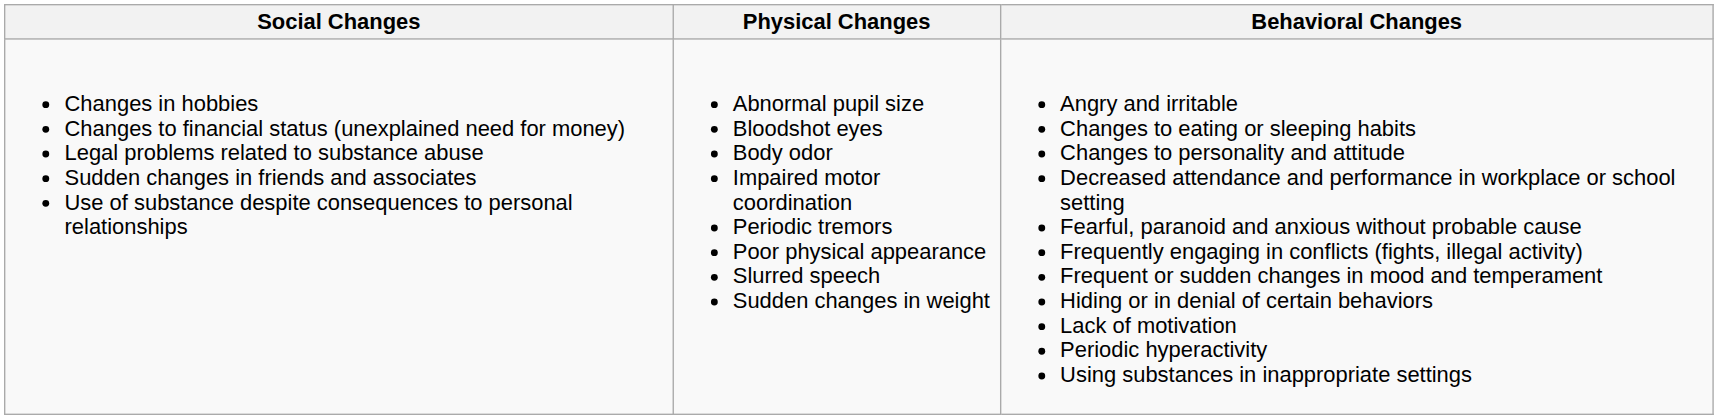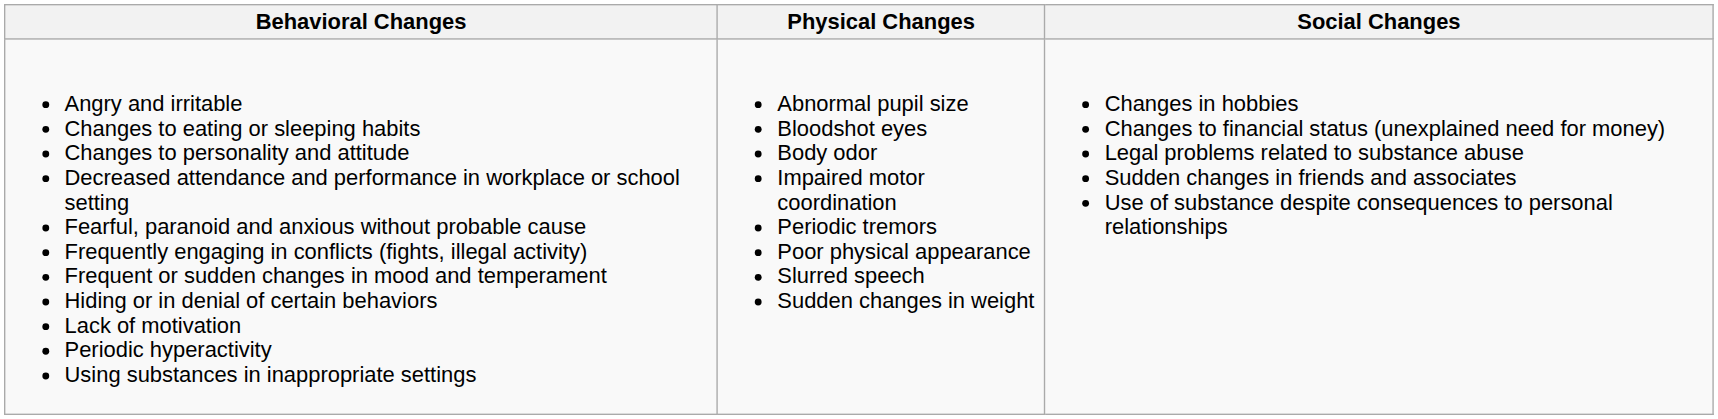 <table class="wikitable">
 <tr>
+<th>Behavioral Changes</th>
+<th>Physical Changes</th>
 <th>Social Changes</th>
-<th>Physical Changes</th>
-<th>Behavioral Changes</th>
 </tr>
 <tr style="vertical-align:top;">
+<td><br><ul><li>Angry and irritable</li><li>Changes to eating or sleeping habits</li><li>Changes to personality and attitude</li><li>Decreased attendance and performance in workplace or school setting</li><li>Fearful, paranoid and anxious without probable cause</li><li>Frequently engaging in conflicts (fights, illegal activity)</li><li>Frequent or sudden changes in mood and temperament</li><li>Hiding or in denial of certain behaviors</li><li>Lack of motivation</li><li>Periodic hyperactivity</li><li>Using substances in inappropriate settings</li></ul></td>
+<td><br><ul><li>Abnormal pupil size</li><li>Bloodshot eyes</li><li>Body odor</li><li>Impaired motor coordination</li><li>Periodic tremors</li><li>Poor physical appearance</li><li>Slurred speech</li><li>Sudden changes in weight</li></ul></td>
 <td><br><ul><li>Changes in hobbies</li><li>Changes to financial status (unexplained need for money)</li><li>Legal problems related to substance abuse</li><li>Sudden changes in friends and associates</li><li>Use of substance despite consequences to personal relationships</li></ul></td>
-<td><br><ul><li>Abnormal pupil size</li><li>Bloodshot eyes</li><li>Body odor</li><li>Impaired motor coordination</li><li>Periodic tremors</li><li>Poor physical appearance</li><li>Slurred speech</li><li>Sudden changes in weight</li></ul></td>
-<td><br><ul><li>Angry and irritable</li><li>Changes to eating or sleeping habits</li><li>Changes to personality and attitude</li><li>Decreased attendance and performance in workplace or school setting</li><li>Fearful, paranoid and anxious without probable cause</li><li>Frequently engaging in conflicts (fights, illegal activity)</li><li>Frequent or sudden changes in mood and temperament</li><li>Hiding or in denial of certain behaviors</li><li>Lack of motivation</li><li>Periodic hyperactivity</li><li>Using substances in inappropriate settings</li></ul></td>
 </tr>
 </table>
